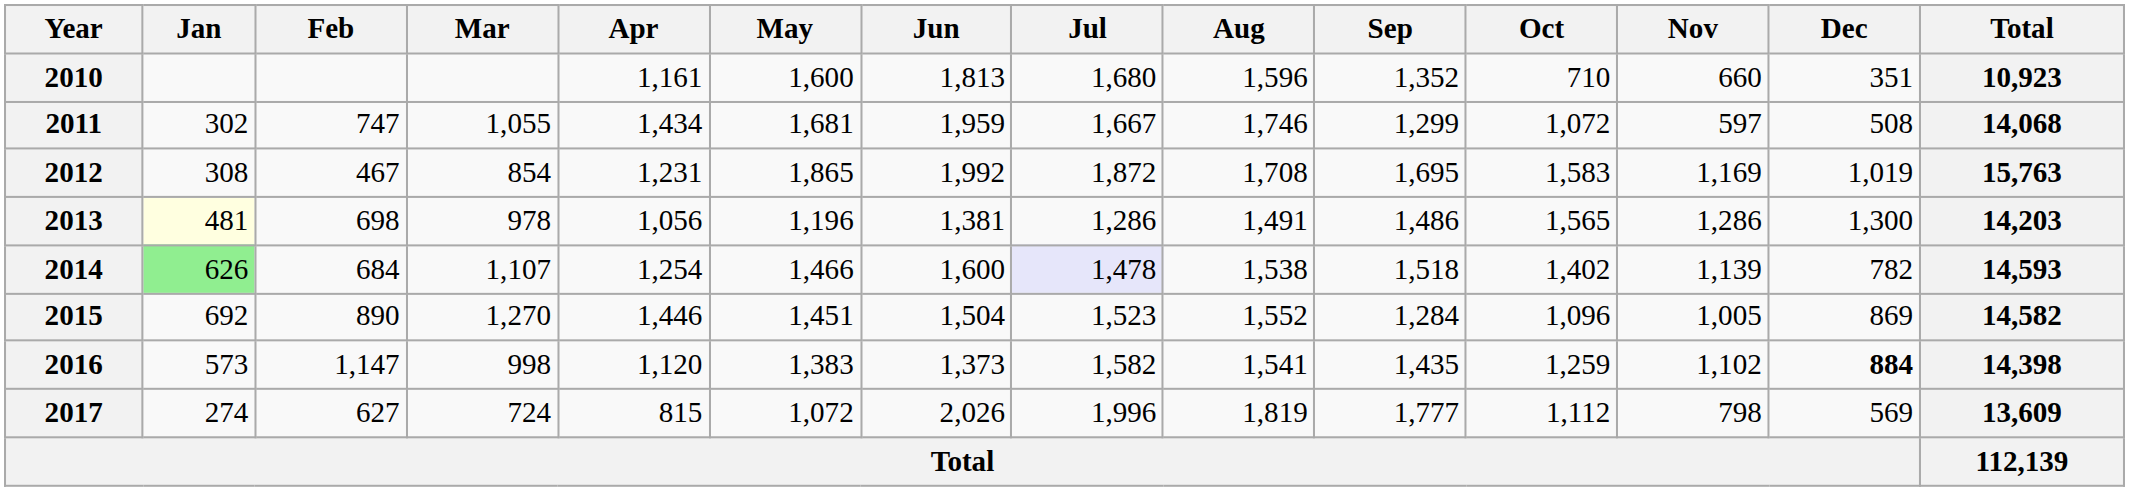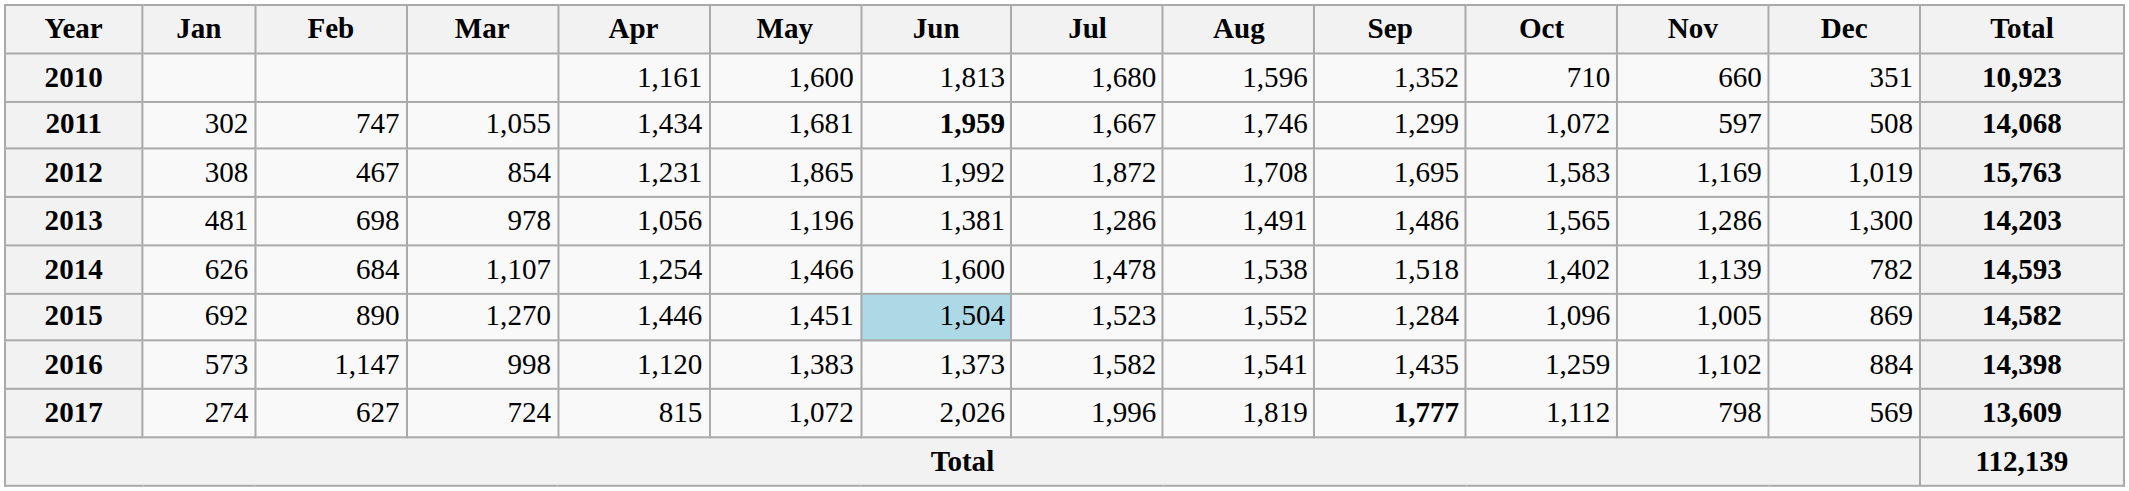 <table class=wikitable style="text-align:right; font-size:0.9em; width:1050px;">
 <tr>
 <th>Year</th>
 <th>Jan</th>
 <th>Feb</th>
 <th>Mar</th>
 <th>Apr</th>
 <th>May</th>
 <th>Jun</th>
 <th>Jul</th>
 <th>Aug</th>
 <th>Sep</th>
 <th>Oct</th>
 <th>Nov</th>
 <th>Dec</th>
 <th>Total</th>
 </tr>
 <tr>
 <th>2010</th>
 <td></td>
 <td></td>
 <td></td>
 <td>1,161</td>
 <td>1,600</td>
 <td>1,813</td>
 <td>1,680</td>
 <td>1,596</td>
 <td>1,352</td>
 <td>710</td>
 <td>660</td>
 <td>351</td>
 <th>10,923</th>
 </tr>
 <tr>
 <th>2011</th>
 <td>302</td>
 <td>747</td>
 <td>1,055</td>
 <td>1,434</td>
 <td>1,681</td>
-<td>1,959</td>
+<td><strong>1,959</strong></td>
 <td>1,667</td>
 <td>1,746</td>
 <td>1,299</td>
 <td>1,072</td>
 <td>597</td>
 <td>508</td>
 <th>14,068</th>
 </tr>
 <tr>
 <th>2012</th>
 <td>308</td>
 <td>467</td>
 <td>854</td>
 <td>1,231</td>
 <td>1,865</td>
 <td>1,992</td>
 <td>1,872</td>
 <td>1,708</td>
 <td>1,695</td>
 <td>1,583</td>
 <td>1,169</td>
 <td>1,019</td>
 <th>15,763</th>
 </tr>
 <tr>
 <th>2013</th>
-<td style="background: lightyellow;">481</td>
+<td>481</td>
 <td>698</td>
 <td>978</td>
 <td>1,056</td>
 <td>1,196</td>
 <td>1,381</td>
 <td>1,286</td>
 <td>1,491</td>
 <td>1,486</td>
 <td>1,565</td>
 <td>1,286</td>
 <td>1,300</td>
 <th>14,203</th>
 </tr>
 <tr>
 <th>2014</th>
-<td style="background: lightgreen;">626</td>
+<td>626</td>
 <td>684</td>
 <td>1,107</td>
 <td>1,254</td>
 <td>1,466</td>
 <td>1,600</td>
-<td style="background: lavender;">1,478</td>
+<td>1,478</td>
 <td>1,538</td>
 <td>1,518</td>
 <td>1,402</td>
 <td>1,139</td>
 <td>782</td>
 <th>14,593</th>
 </tr>
 <tr>
 <th>2015</th>
 <td>692</td>
 <td>890</td>
 <td>1,270</td>
 <td>1,446</td>
 <td>1,451</td>
-<td>1,504</td>
+<td style="background: lightblue;">1,504</td>
 <td>1,523</td>
 <td>1,552</td>
 <td>1,284</td>
 <td>1,096</td>
 <td>1,005</td>
 <td>869</td>
 <th>14,582</th>
 </tr>
 <tr>
 <th>2016</th>
 <td>573</td>
 <td>1,147</td>
 <td>998</td>
 <td>1,120</td>
 <td>1,383</td>
 <td>1,373</td>
 <td>1,582</td>
 <td>1,541</td>
 <td>1,435</td>
 <td>1,259</td>
 <td>1,102</td>
-<td><strong>884</strong></td>
+<td>884</td>
 <th>14,398</th>
 </tr>
 <tr>
 <th>2017</th>
 <td>274</td>
 <td>627</td>
 <td>724</td>
 <td>815</td>
 <td>1,072</td>
 <td>2,026</td>
 <td>1,996</td>
 <td>1,819</td>
-<td>1,777</td>
+<td><strong>1,777</strong></td>
 <td>1,112</td>
 <td>798</td>
 <td>569</td>
 <th>13,609</th>
 </tr>
 <tr>
 <th colspan=13>Total</th>
 <th>112,139</th>
 </tr>
 </table>
